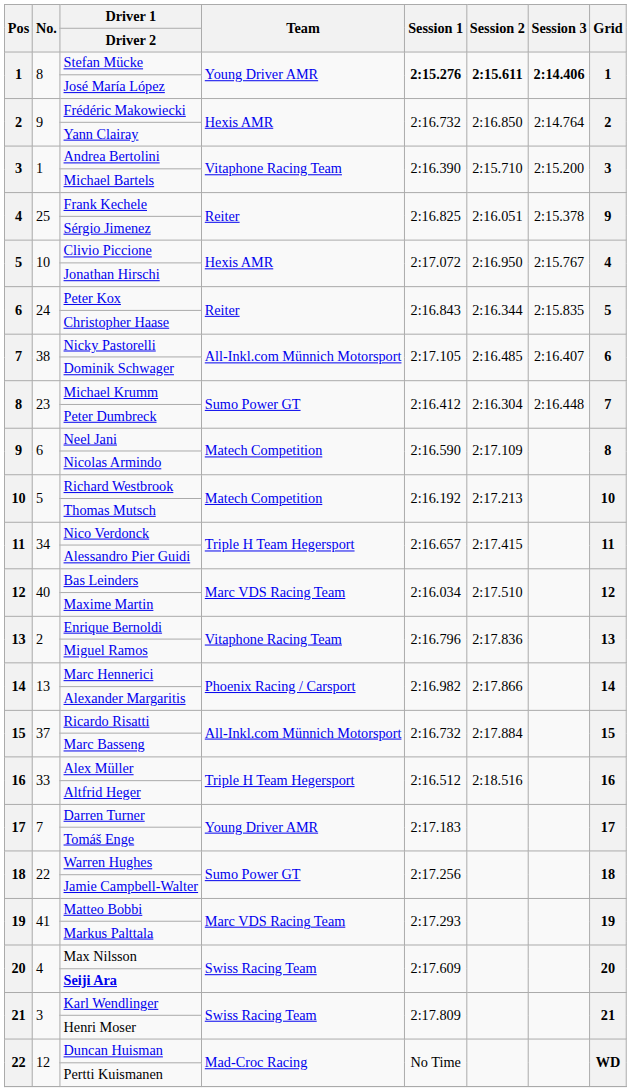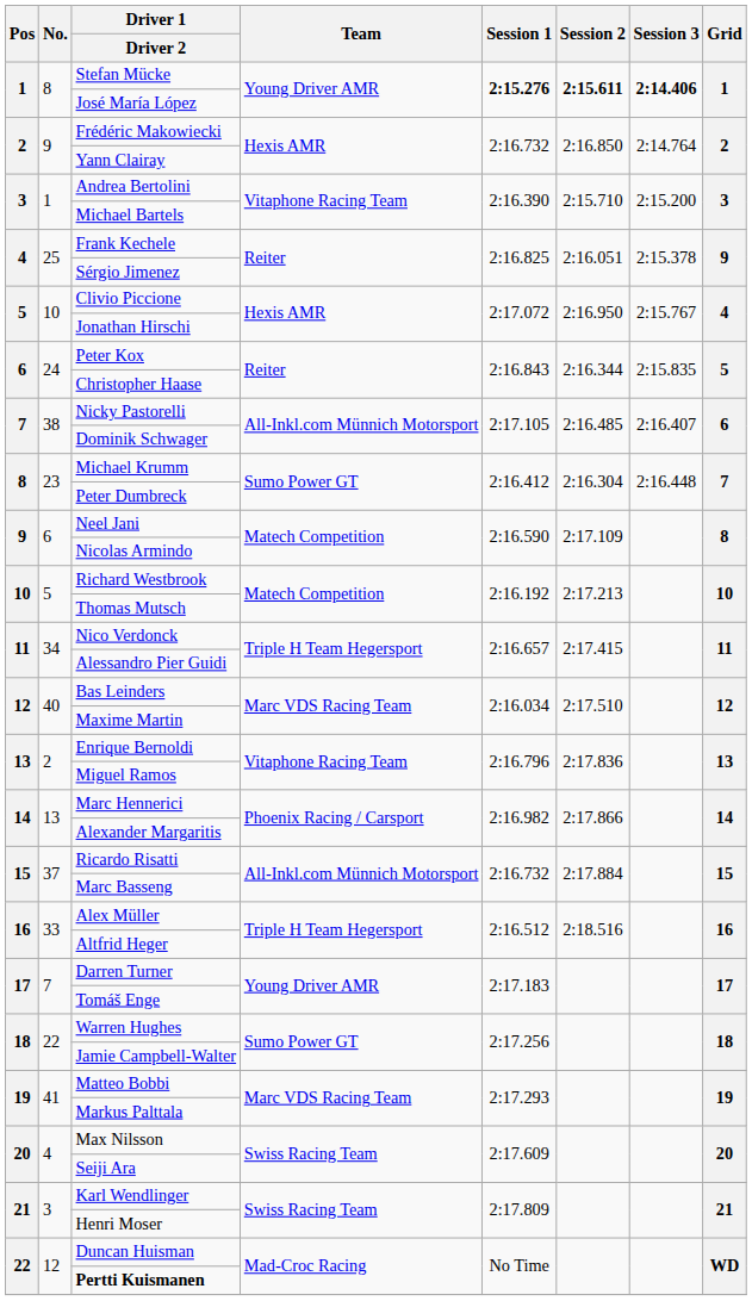 <table class="wikitable" style="font-size: 90%;">
 <tr>
 <th rowspan=2>Pos</th>
 <th rowspan=2>No.</th>
 <th>Driver 1</th>
 <th rowspan=2>Team</th>
 <th rowspan=2>Session 1</th>
 <th rowspan=2>Session 2</th>
 <th rowspan=2>Session 3</th>
 <th rowspan=2>Grid</th>
 </tr>
 <tr>
 <th>Driver 2</th>
 </tr>
 <tr>
 <th rowspan=2>1</th>
 <td rowspan=2>8</td>
 <td> <a href='#'>Stefan Mücke</a></td>
 <td rowspan=2> <a href='#'>Young Driver AMR</a></td>
 <td rowspan=2 align="center"><strong>2:15.276</strong></td>
 <td rowspan=2 align="center"><strong>2:15.611</strong></td>
 <td rowspan=2 align="center"><strong>2:14.406</strong></td>
 <th rowspan=2>1</th>
 </tr>
 <tr>
 <td> <a href='#'>José María López</a></td>
 </tr>
 <tr>
 <th rowspan=2>2</th>
 <td rowspan=2>9</td>
 <td> <a href='#'>Frédéric Makowiecki</a></td>
 <td rowspan=2> <a href='#'>Hexis AMR</a></td>
 <td rowspan=2 align="center">2:16.732</td>
 <td rowspan=2 align="center">2:16.850</td>
 <td rowspan=2 align="center">2:14.764</td>
 <th rowspan=2>2</th>
 </tr>
 <tr>
 <td> <a href='#'>Yann Clairay</a></td>
 </tr>
 <tr>
 <th rowspan=2>3</th>
 <td rowspan=2>1</td>
 <td> <a href='#'>Andrea Bertolini</a></td>
 <td rowspan=2> <a href='#'>Vitaphone Racing Team</a></td>
 <td rowspan=2 align="center">2:16.390</td>
 <td rowspan=2 align="center">2:15.710</td>
 <td rowspan=2 align="center">2:15.200</td>
 <th rowspan=2>3</th>
 </tr>
 <tr>
 <td> <a href='#'>Michael Bartels</a></td>
 </tr>
 <tr>
 <th rowspan=2>4</th>
 <td rowspan=2>25</td>
 <td> <a href='#'>Frank Kechele</a></td>
 <td rowspan=2> <a href='#'>Reiter</a></td>
 <td rowspan=2 align="center">2:16.825</td>
 <td rowspan=2 align="center">2:16.051</td>
 <td rowspan=2 align="center">2:15.378</td>
 <th rowspan=2>9</th>
 </tr>
 <tr>
 <td> <a href='#'>Sérgio Jimenez</a></td>
 </tr>
 <tr>
 <th rowspan=2>5</th>
 <td rowspan=2>10</td>
 <td> <a href='#'>Clivio Piccione</a></td>
 <td rowspan=2> <a href='#'>Hexis AMR</a></td>
 <td rowspan=2 align="center">2:17.072</td>
 <td rowspan=2 align="center">2:16.950</td>
 <td rowspan=2 align="center">2:15.767</td>
 <th rowspan=2>4</th>
 </tr>
 <tr>
 <td> <a href='#'>Jonathan Hirschi</a></td>
 </tr>
 <tr>
 <th rowspan=2>6</th>
 <td rowspan=2>24</td>
 <td> <a href='#'>Peter Kox</a></td>
 <td rowspan=2> <a href='#'>Reiter</a></td>
 <td rowspan=2 align="center">2:16.843</td>
 <td rowspan=2 align="center">2:16.344</td>
 <td rowspan=2 align="center">2:15.835</td>
 <th rowspan=2>5</th>
 </tr>
 <tr>
 <td> <a href='#'>Christopher Haase</a></td>
 </tr>
 <tr>
 <th rowspan=2>7</th>
 <td rowspan=2>38</td>
 <td> <a href='#'>Nicky Pastorelli</a></td>
 <td rowspan=2> <a href='#'>All-Inkl.com Münnich Motorsport</a></td>
 <td rowspan=2 align="center">2:17.105</td>
 <td rowspan=2 align="center">2:16.485</td>
 <td rowspan=2 align="center">2:16.407</td>
 <th rowspan=2>6</th>
 </tr>
 <tr>
 <td> <a href='#'>Dominik Schwager</a></td>
 </tr>
 <tr>
 <th rowspan=2>8</th>
 <td rowspan=2>23</td>
 <td> <a href='#'>Michael Krumm</a></td>
 <td rowspan=2> <a href='#'>Sumo Power GT</a></td>
 <td rowspan=2 align="center">2:16.412</td>
 <td rowspan=2 align="center">2:16.304</td>
 <td rowspan=2 align="center">2:16.448</td>
 <th rowspan=2>7</th>
 </tr>
 <tr>
 <td> <a href='#'>Peter Dumbreck</a></td>
 </tr>
 <tr>
 <th rowspan=2>9</th>
 <td rowspan=2>6</td>
 <td> <a href='#'>Neel Jani</a></td>
 <td rowspan=2> <a href='#'>Matech Competition</a></td>
 <td rowspan=2 align="center">2:16.590</td>
 <td rowspan=2 align="center">2:17.109</td>
 <td rowspan=2 align="center"></td>
 <th rowspan=2>8</th>
 </tr>
 <tr>
 <td> <a href='#'>Nicolas Armindo</a></td>
 </tr>
 <tr>
 <th rowspan=2>10</th>
 <td rowspan=2>5</td>
 <td> <a href='#'>Richard Westbrook</a></td>
 <td rowspan=2> <a href='#'>Matech Competition</a></td>
 <td rowspan=2 align="center">2:16.192</td>
 <td rowspan=2 align="center">2:17.213</td>
 <td rowspan=2 align="center"></td>
 <th rowspan=2>10</th>
 </tr>
 <tr>
 <td> <a href='#'>Thomas Mutsch</a></td>
 </tr>
 <tr>
 <th rowspan=2>11</th>
 <td rowspan=2>34</td>
 <td> <a href='#'>Nico Verdonck</a></td>
 <td rowspan=2> <a href='#'>Triple H Team Hegersport</a></td>
 <td rowspan=2 align="center">2:16.657</td>
 <td rowspan=2 align="center">2:17.415</td>
 <td rowspan=2 align="center"></td>
 <th rowspan=2>11</th>
 </tr>
 <tr>
 <td> <a href='#'>Alessandro Pier Guidi</a></td>
 </tr>
 <tr>
 <th rowspan=2>12</th>
 <td rowspan=2>40</td>
 <td> <a href='#'>Bas Leinders</a></td>
 <td rowspan=2> <a href='#'>Marc VDS Racing Team</a></td>
 <td rowspan=2 align="center">2:16.034</td>
 <td rowspan=2 align="center">2:17.510</td>
 <td rowspan=2 align="center"></td>
 <th rowspan=2>12</th>
 </tr>
 <tr>
 <td> <a href='#'>Maxime Martin</a></td>
 </tr>
 <tr>
 <th rowspan=2>13</th>
 <td rowspan=2>2</td>
 <td> <a href='#'>Enrique Bernoldi</a></td>
 <td rowspan=2> <a href='#'>Vitaphone Racing Team</a></td>
 <td rowspan=2 align="center">2:16.796</td>
 <td rowspan=2 align="center">2:17.836</td>
 <td rowspan=2 align="center"></td>
 <th rowspan=2>13</th>
 </tr>
 <tr>
 <td> <a href='#'>Miguel Ramos</a></td>
 </tr>
 <tr>
 <th rowspan=2>14</th>
 <td rowspan=2>13</td>
 <td> <a href='#'>Marc Hennerici</a></td>
 <td rowspan=2> <a href='#'>Phoenix Racing / Carsport</a></td>
 <td rowspan=2 align="center">2:16.982</td>
 <td rowspan=2 align="center">2:17.866</td>
 <td rowspan=2 align="center"></td>
 <th rowspan=2>14</th>
 </tr>
 <tr>
 <td> <a href='#'>Alexander Margaritis</a></td>
 </tr>
 <tr>
 <th rowspan=2>15</th>
 <td rowspan=2>37</td>
 <td> <a href='#'>Ricardo Risatti</a></td>
 <td rowspan=2> <a href='#'>All-Inkl.com Münnich Motorsport</a></td>
 <td rowspan=2 align="center">2:16.732</td>
 <td rowspan=2 align="center">2:17.884</td>
 <td rowspan=2 align="center"></td>
 <th rowspan=2>15</th>
 </tr>
 <tr>
 <td> <a href='#'>Marc Basseng</a></td>
 </tr>
 <tr>
 <th rowspan=2>16</th>
 <td rowspan=2>33</td>
 <td> <a href='#'>Alex Müller</a></td>
 <td rowspan=2> <a href='#'>Triple H Team Hegersport</a></td>
 <td rowspan=2 align="center">2:16.512</td>
 <td rowspan=2 align="center">2:18.516</td>
 <td rowspan=2 align="center"></td>
 <th rowspan=2>16</th>
 </tr>
 <tr>
 <td> <a href='#'>Altfrid Heger</a></td>
 </tr>
 <tr>
 <th rowspan=2>17</th>
 <td rowspan=2>7</td>
 <td> <a href='#'>Darren Turner</a></td>
 <td rowspan=2> <a href='#'>Young Driver AMR</a></td>
 <td rowspan=2 align="center">2:17.183</td>
 <td rowspan=2 align="center"></td>
 <td rowspan=2 align="center"></td>
 <th rowspan=2>17</th>
 </tr>
 <tr>
 <td> <a href='#'>Tomáš Enge</a></td>
 </tr>
 <tr>
 <th rowspan=2>18</th>
 <td rowspan=2>22</td>
 <td> <a href='#'>Warren Hughes</a></td>
 <td rowspan=2> <a href='#'>Sumo Power GT</a></td>
 <td rowspan=2 align="center">2:17.256</td>
 <td rowspan=2 align="center"></td>
 <td rowspan=2 align="center"></td>
 <th rowspan=2>18</th>
 </tr>
 <tr>
 <td> <a href='#'>Jamie Campbell-Walter</a></td>
 </tr>
 <tr>
 <th rowspan=2>19</th>
 <td rowspan=2>41</td>
 <td> <a href='#'>Matteo Bobbi</a></td>
 <td rowspan=2> <a href='#'>Marc VDS Racing Team</a></td>
 <td rowspan=2 align="center">2:17.293</td>
 <td rowspan=2 align="center"></td>
 <td rowspan=2 align="center"></td>
 <th rowspan=2>19</th>
 </tr>
 <tr>
 <td> <a href='#'>Markus Palttala</a></td>
 </tr>
 <tr>
 <th rowspan=2>20</th>
 <td rowspan=2>4</td>
 <td> Max Nilsson</td>
 <td rowspan=2> <a href='#'>Swiss Racing Team</a></td>
 <td rowspan=2 align="center">2:17.609</td>
 <td rowspan=2 align="center"></td>
 <td rowspan=2 align="center"></td>
 <th rowspan=2>20</th>
 </tr>
 <tr>
-<td><strong> <a href='#'>Seiji Ara</a></strong></td>
+<td> <a href='#'>Seiji Ara</a></td>
 </tr>
 <tr>
 <th rowspan=2>21</th>
 <td rowspan=2>3</td>
 <td> <a href='#'>Karl Wendlinger</a></td>
 <td rowspan=2> <a href='#'>Swiss Racing Team</a></td>
 <td rowspan=2 align="center">2:17.809</td>
 <td rowspan=2 align="center"></td>
 <td rowspan=2 align="center"></td>
 <th rowspan=2>21</th>
 </tr>
 <tr>
 <td> Henri Moser</td>
 </tr>
 <tr>
 <th rowspan=2>22</th>
 <td rowspan=2>12</td>
 <td> <a href='#'>Duncan Huisman</a></td>
 <td rowspan=2> <a href='#'>Mad-Croc Racing</a></td>
 <td rowspan=2 align="center">No Time</td>
 <td rowspan=2 align="center"></td>
 <td rowspan=2 align="center"></td>
 <th rowspan=2>WD</th>
 </tr>
 <tr>
-<td> Pertti Kuismanen</td>
+<td><strong> Pertti Kuismanen</strong></td>
 </tr>
 <tr>
 </tr>
 </table>
